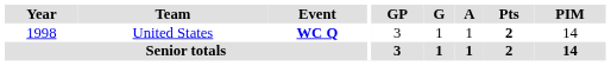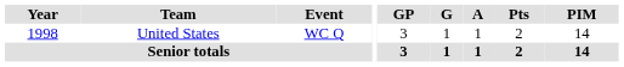 <table border="0" cellpadding="1" cellspacing="0" ID="Table3" style="text-align:center; width:40em">
 <tr ALIGN="center" bgcolor="#e0e0e0">
 <th>Year</th>
 <th>Team</th>
 <th>Event</th>
 <th rowspan="99" bgcolor="#ffffff"></th>
 <th>GP</th>
 <th>G</th>
 <th>A</th>
 <th>Pts</th>
 <th>PIM</th>
 </tr>
 <tr>
 <td><a href='#'>1998</a></td>
 <td><a href='#'>United States</a></td>
-<td><strong><a href='#'>WC Q</a></strong></td>
+<td><a href='#'>WC Q</a></td>
 <td>3</td>
 <td>1</td>
 <td>1</td>
-<td><strong>2</strong></td>
+<td>2</td>
 <td>14</td>
 </tr>
 <tr bgcolor="#e0e0e0">
 <th colspan="3">Senior totals</th>
 <th>3</th>
 <th>1</th>
 <th>1</th>
 <th>2</th>
 <th>14</th>
 </tr>
 </table>
